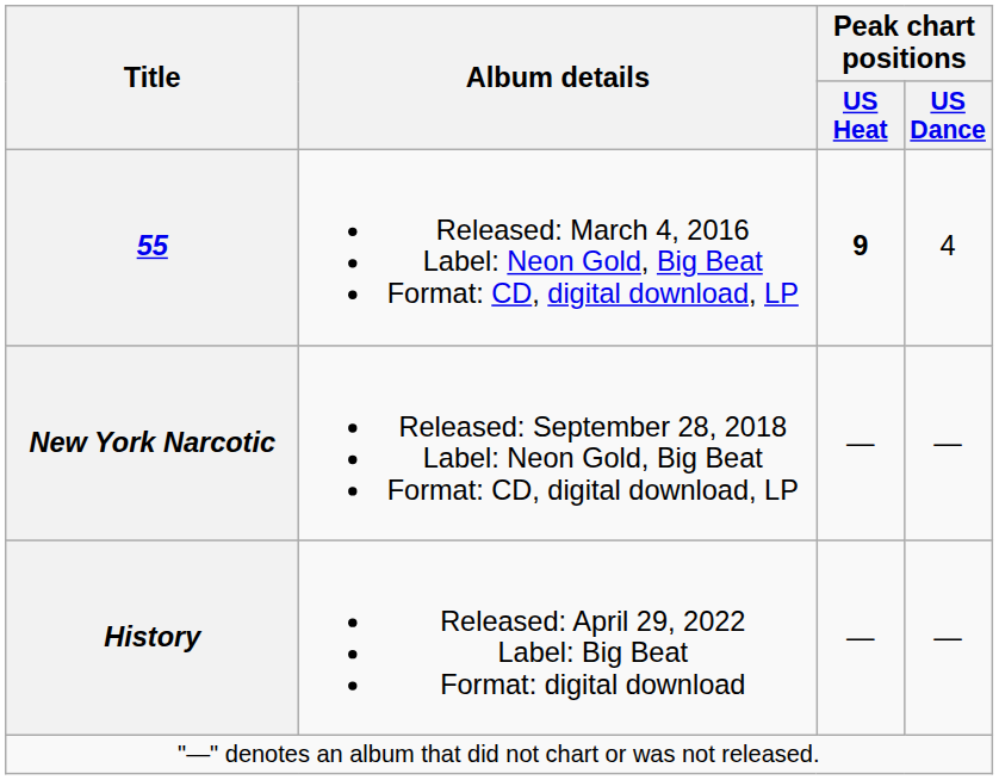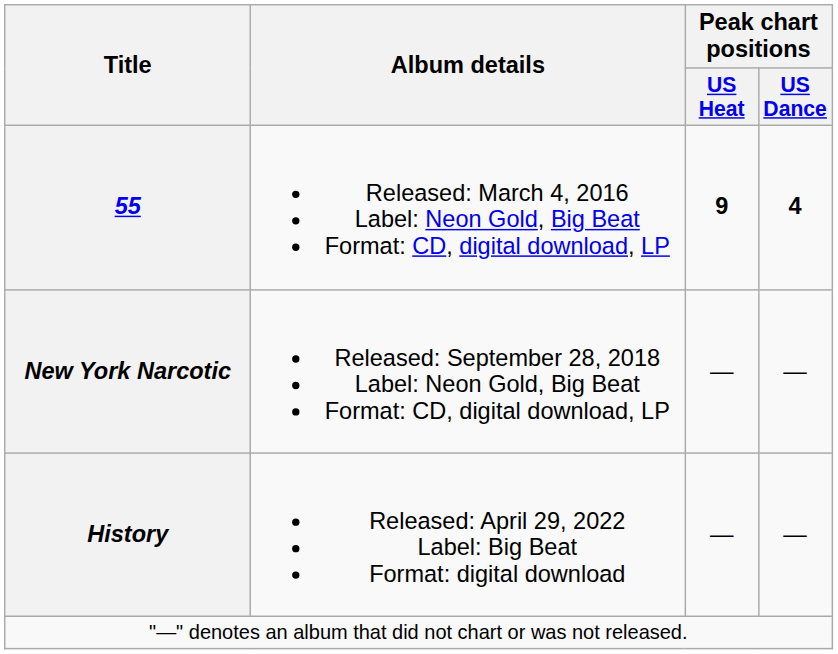 <table class="wikitable plainrowheaders" style="text-align:center;">
 <tr>
 <th scope="col" rowspan="2" style="width:10em;">Title</th>
 <th scope="col" rowspan="2" style="width:18em;">Album details</th>
 <th scope="col" colspan="2">Peak chart positions</th>
 </tr>
 <tr>
 <th scope="col" style="width:3em; font-size:90%;"><a href='#'>US<br>Heat</a><br></th>
 <th scope="col" style="width:3em; font-size:90%;"><a href='#'>US<br>Dance</a><br></th>
 </tr>
 <tr>
 <th scope="row"><em><a href='#'>55</a></em></th>
 <td><br><ul><li>Released: March 4, 2016</li><li>Label: <a href='#'>Neon Gold</a>, <a href='#'>Big Beat</a></li><li>Format: <a href='#'>CD</a>, <a href='#'>digital download</a>, <a href='#'>LP</a> </li></ul></td>
 <td><strong>9</strong></td>
-<td>4</td>
+<td><strong>4</strong></td>
 </tr>
 <tr>
 <th scope="row"><em>New York Narcotic</em></th>
 <td><br><ul><li>Released: September 28, 2018</li><li>Label: Neon Gold, Big Beat</li><li>Format: CD, digital download, LP</li></ul></td>
 <td>—</td>
 <td>—</td>
 </tr>
 <tr>
 <th scope="row"><em>History</em></th>
 <td><br><ul><li>Released: April 29, 2022</li><li>Label: Big Beat</li><li>Format: digital download</li></ul></td>
 <td>—</td>
 <td>—</td>
 </tr>
 <tr>
 <td colspan="5" style="font-size:85%">"—" denotes an album that did not chart or was not released.</td>
 </tr>
 </table>
